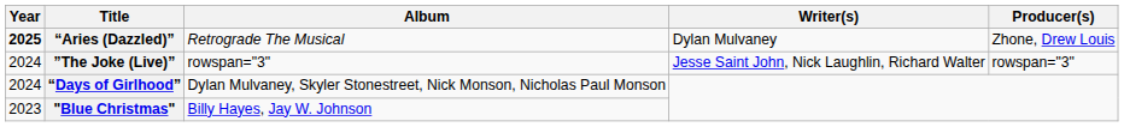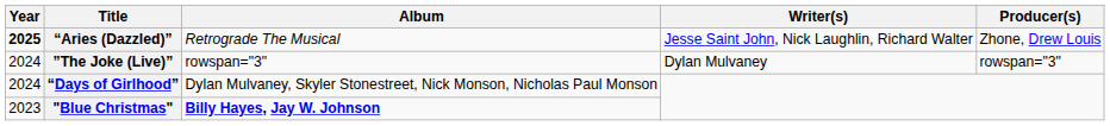 <table class="wikitable plainrowheaders" style="text-align:left;">
 <tr>
 <th scope="col">Year</th>
 <th scope="col">Title</th>
 <th scope="col">Album</th>
 <th scope="col">Writer(s)</th>
 <th scope="col">Producer(s)</th>
 </tr>
 <tr>
 <td><strong>2025</strong></td>
 <th scope="row">“Aries (Dazzled)”</th>
 <td><em>Retrograde The Musical</em></td>
-<td>Dylan Mulvaney</td>
+<td><a href='#'>Jesse Saint John</a>, Nick Laughlin, Richard Walter</td>
 <td>Zhone, <a href='#'>Drew Louis</a></td>
 </tr>
 <tr>
 <td>2024</td>
 <th scope="row">”The Joke (Live)”</th>
 <td>rowspan="3" </td>
-<td><a href='#'>Jesse Saint John</a>, Nick Laughlin, Richard Walter</td>
+<td>Dylan Mulvaney</td>
 <td>rowspan="3" </td>
 </tr>
 <tr>
 <td>2024</td>
 <th scope="row">“<a href='#'>Days of Girlhood</a>”</th>
 <td>Dylan Mulvaney, Skyler Stonestreet, Nick Monson, Nicholas Paul Monson</td>
 </tr>
 <tr>
 <td>2023</td>
 <th scope="row">"<a href='#'>Blue Christmas</a>"</th>
-<td rowspan="1"><a href='#'>Billy Hayes</a>, <a href='#'>Jay W. Johnson</a></td>
+<td rowspan="1"><strong><a href='#'>Billy Hayes</a>, <a href='#'>Jay W. Johnson</a></strong></td>
 </tr>
 </table>
